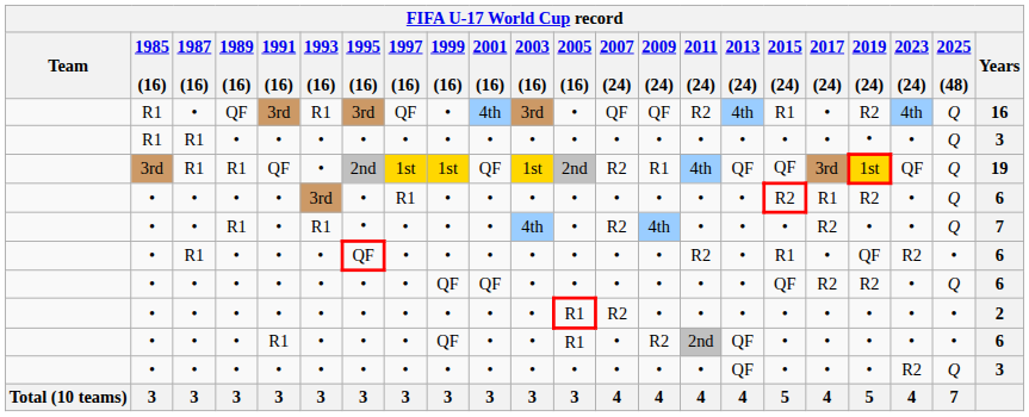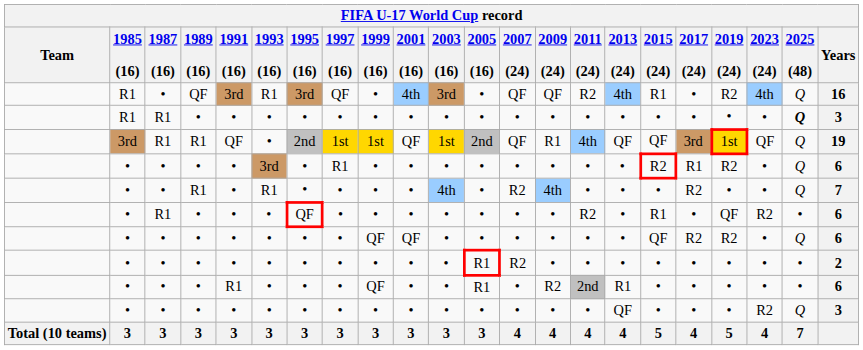 <table class="wikitable"  style="text-align:center;">
 <tr style="background:#cccccc;" align=center>
 <th colspan=22><a href='#'>FIFA U-17 World Cup</a> record</th>
 </tr>
 <tr>
 <th>Team</th>
 <th><a href='#'>1985</a><br><br>(16)</th>
 <th><a href='#'>1987</a><br><br>(16)</th>
 <th><a href='#'>1989</a><br><br>(16)</th>
 <th><a href='#'>1991</a><br><br>(16)</th>
 <th><a href='#'>1993</a><br><br>(16)</th>
 <th><a href='#'>1995</a><br><br>(16)</th>
 <th><a href='#'>1997</a><br><br>(16)</th>
 <th><a href='#'>1999</a><br><br>(16)</th>
 <th><a href='#'>2001</a><br><br>(16)</th>
 <th><a href='#'>2003</a><br><br>(16)</th>
 <th><a href='#'>2005</a><br><br>(16)</th>
 <th><a href='#'>2007</a><br><br>(24)</th>
 <th><a href='#'>2009</a><br><br>(24)</th>
 <th><a href='#'>2011</a><br><br>(24)</th>
 <th><a href='#'>2013</a><br><br>(24)</th>
 <th><a href='#'>2015</a><br><br>(24)</th>
 <th><a href='#'>2017</a><br><br>(24)</th>
 <th><a href='#'>2019</a><br><br>(24)</th>
 <th><a href='#'>2023</a><br><br>(24)</th>
 <th><a href='#'>2025</a><br><br>(48)</th>
 <th>Years</th>
 </tr>
 <tr align=center>
 <td align=left></td>
 <td>R1</td>
 <td>•</td>
 <td>QF</td>
 <td bgcolor=#cc9966>3rd</td>
 <td>R1</td>
 <td bgcolor=#cc9966>3rd</td>
 <td>QF</td>
 <td>•</td>
 <td bgcolor=#9acdff>4th</td>
 <td bgcolor=#cc9966>3rd</td>
 <td>•</td>
 <td>QF</td>
 <td>QF</td>
 <td>R2</td>
 <td bgcolor=#9acdff>4th</td>
 <td>R1</td>
 <td>•</td>
 <td>R2</td>
 <td bgcolor=#9acdff>4th</td>
 <td><em>Q</em></td>
 <th>16</th>
 </tr>
 <tr align=center>
 <td align=left></td>
 <td>R1</td>
 <td>R1</td>
 <td>•</td>
 <td>•</td>
 <td>•</td>
 <td>•</td>
 <td>•</td>
 <td>•</td>
 <td>•</td>
 <td>•</td>
 <td>•</td>
 <td>•</td>
 <td>•</td>
 <td>•</td>
 <td>•</td>
 <td>•</td>
 <td>•</td>
 <td>•</td>
 <td>•</td>
-<td><em>Q</em></td>
+<td><strong><em>Q</em></strong></td>
 <th>3</th>
 </tr>
 <tr align=center>
 <td align=left></td>
 <td bgcolor=#cc9966>3rd</td>
 <td>R1</td>
 <td>R1</td>
 <td>QF</td>
 <td>•</td>
 <td bgcolor=silver>2nd</td>
 <td bgcolor=gold>1st</td>
 <td bgcolor=gold>1st</td>
 <td>QF</td>
 <td bgcolor=gold>1st</td>
 <td bgcolor=silver>2nd</td>
-<td>R2</td>
+<td>QF</td>
 <td>R1</td>
 <td bgcolor=#9acdff>4th</td>
 <td>QF</td>
 <td>QF</td>
 <td bgcolor=#cc9966>3rd</td>
 <td style="border: 3px solid red" bgcolor=gold>1st</td>
 <td>QF</td>
 <td><em>Q</em></td>
 <th>19</th>
 </tr>
 <tr align=center>
 <td align=left></td>
 <td>•</td>
 <td>•</td>
 <td>•</td>
 <td>•</td>
 <td bgcolor=#cc9966>3rd</td>
 <td>•</td>
 <td>R1</td>
 <td>•</td>
 <td>•</td>
 <td>•</td>
 <td>•</td>
 <td>•</td>
 <td>•</td>
 <td>•</td>
 <td>•</td>
 <td style="border: 3px solid red">R2</td>
 <td>R1</td>
 <td>R2</td>
 <td>•</td>
 <td><em>Q</em></td>
 <th>6</th>
 </tr>
 <tr align=center>
 <td align=left></td>
 <td>•</td>
 <td>•</td>
 <td>R1</td>
 <td>•</td>
 <td>R1</td>
 <td>•</td>
 <td>•</td>
 <td>•</td>
 <td>•</td>
 <td bgcolor=#9acdff>4th</td>
 <td>•</td>
 <td>R2</td>
 <td bgcolor=#9acdff>4th</td>
 <td>•</td>
 <td>•</td>
 <td>•</td>
 <td>R2</td>
 <td>•</td>
 <td>•</td>
 <td><em>Q</em></td>
 <th>7</th>
 </tr>
 <tr align=center>
 <td align=left></td>
 <td>•</td>
 <td>R1</td>
 <td>•</td>
 <td>•</td>
 <td>•</td>
 <td style="border: 3px solid red">QF</td>
 <td>•</td>
 <td>•</td>
 <td>•</td>
 <td>•</td>
 <td>•</td>
 <td>•</td>
 <td>•</td>
 <td>R2</td>
 <td>•</td>
 <td>R1</td>
 <td>•</td>
 <td>QF</td>
 <td>R2</td>
 <td>•</td>
 <th>6</th>
 </tr>
 <tr align=center>
 <td align=left></td>
 <td>•</td>
 <td>•</td>
 <td>•</td>
 <td>•</td>
 <td>•</td>
 <td>•</td>
 <td>•</td>
 <td>QF</td>
 <td>QF</td>
 <td>•</td>
 <td>•</td>
 <td>•</td>
 <td>•</td>
 <td>•</td>
 <td>•</td>
 <td>QF</td>
 <td>R2</td>
 <td>R2</td>
 <td>•</td>
 <td><em>Q</em></td>
 <th>6</th>
 </tr>
 <tr align=center>
 <td align=left></td>
 <td>•</td>
 <td>•</td>
 <td>•</td>
 <td>•</td>
 <td>•</td>
 <td>•</td>
 <td>•</td>
 <td>•</td>
 <td>•</td>
 <td>•</td>
 <td style="border: 3px solid red">R1</td>
 <td>R2</td>
 <td>•</td>
 <td>•</td>
 <td>•</td>
 <td>•</td>
 <td>•</td>
 <td>•</td>
 <td>•</td>
 <td>•</td>
 <th>2</th>
 </tr>
 <tr align=center>
 <td align=left></td>
 <td>•</td>
 <td>•</td>
 <td>•</td>
 <td>R1</td>
 <td>•</td>
 <td>•</td>
 <td>•</td>
 <td>QF</td>
 <td>•</td>
 <td>•</td>
 <td>R1</td>
 <td>•</td>
 <td>R2</td>
 <td bgcolor=silver>2nd</td>
-<td>QF</td>
+<td>R1</td>
 <td>•</td>
 <td>•</td>
 <td>•</td>
 <td>•</td>
 <td>•</td>
 <th>6</th>
 </tr>
 <tr align=center>
 <td align=left></td>
 <td>•</td>
 <td>•</td>
 <td>•</td>
 <td>•</td>
 <td>•</td>
 <td>•</td>
 <td>•</td>
 <td>•</td>
 <td>•</td>
 <td>•</td>
 <td>•</td>
 <td>•</td>
 <td>•</td>
 <td>•</td>
 <td>QF</td>
 <td>•</td>
 <td>•</td>
 <td>•</td>
 <td>R2</td>
 <td><em>Q</em></td>
 <th>3</th>
 </tr>
 <tr>
 <th align=left><strong>Total (10 teams)</strong></th>
 <th><strong>3</strong></th>
 <th><strong>3</strong></th>
 <th><strong>3</strong></th>
 <th><strong>3</strong></th>
 <th><strong>3</strong></th>
 <th><strong>3</strong></th>
 <th><strong>3</strong></th>
 <th><strong>3</strong></th>
 <th><strong>3</strong></th>
 <th><strong>3</strong></th>
 <th><strong>3</strong></th>
 <th><strong>4</strong></th>
 <th><strong>4</strong></th>
 <th><strong>4</strong></th>
 <th><strong>4</strong></th>
 <th><strong>5</strong></th>
 <th><strong>4</strong></th>
 <th><strong>5</strong></th>
 <th><strong>4</strong></th>
 <th><strong>7</strong></th>
 <th></th>
 </tr>
 </table>
